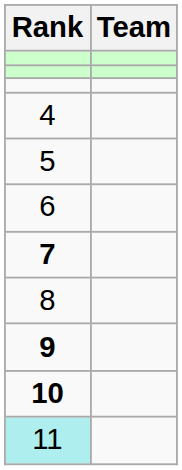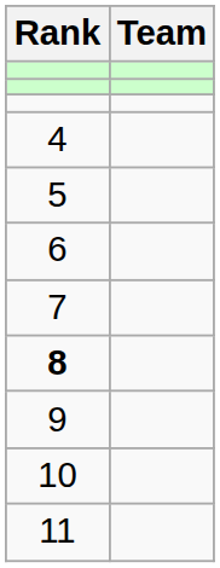 <table class="wikitable" style="text-align: center">
 <tr>
 <th>Rank</th>
 <th>Team</th>
 </tr>
 <tr bgcolor=#ccffcc>
 <td></td>
 <td align=left></td>
 </tr>
 <tr bgcolor=#ccffcc>
 <td></td>
 <td align=left></td>
 </tr>
 <tr>
 <td></td>
 <td align=left></td>
 </tr>
 <tr>
 <td>4</td>
 <td align=left></td>
 </tr>
 <tr>
 <td>5</td>
 <td align=left></td>
 </tr>
 <tr>
 <td>6</td>
 <td align=left></td>
 </tr>
 <tr>
-<td><strong>7</strong></td>
+<td>7</td>
 <td align=left></td>
 </tr>
 <tr>
-<td>8</td>
+<td><strong>8</strong></td>
 <td align=left></td>
 </tr>
 <tr>
-<td><strong>9</strong></td>
+<td>9</td>
 <td align=left></td>
 </tr>
 <tr>
-<td><strong>10</strong></td>
+<td>10</td>
 <td align=left></td>
 </tr>
 <tr>
-<td style="background: paleturquoise;">11</td>
+<td>11</td>
 <td align=left></td>
 </tr>
 </table>
